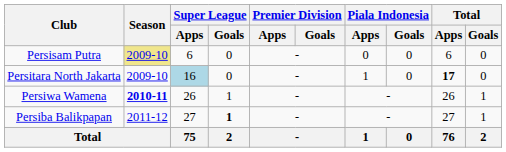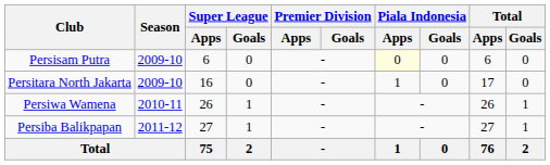 <table class="wikitable" style="font-size:90%; text-align:center;">
 <tr>
 <th rowspan="2">Club</th>
 <th rowspan="2">Season</th>
 <th colspan="2"><a href='#'>Super League</a></th>
 <th colspan="2"><a href='#'>Premier Division</a></th>
 <th colspan="2"><a href='#'>Piala Indonesia</a></th>
 <th colspan="2">Total</th>
 </tr>
 <tr>
 <th>Apps</th>
 <th>Goals</th>
 <th>Apps</th>
 <th>Goals</th>
 <th>Apps</th>
 <th>Goals</th>
 <th>Apps</th>
 <th>Goals</th>
 </tr>
 <tr>
 <td rowspan="1"><a href='#'>Persisam Putra</a></td>
-<td style="background: khaki;"><a href='#'>2009-10</a></td>
+<td><a href='#'>2009-10</a></td>
 <td>6</td>
 <td>0</td>
 <td colspan="2">-</td>
-<td>0</td>
+<td style="background: lightyellow;">0</td>
 <td>0</td>
 <td>6</td>
 <td>0</td>
 </tr>
 <tr>
 <td rowspan="1"><a href='#'>Persitara North Jakarta</a></td>
 <td><a href='#'>2009-10</a></td>
-<td style="background: lightblue;">16</td>
+<td>16</td>
 <td>0</td>
 <td colspan="2">-</td>
 <td>1</td>
 <td>0</td>
-<td><strong>17</strong></td>
+<td>17</td>
 <td>0</td>
 </tr>
 <tr>
 <td rowspan="1"><a href='#'>Persiwa Wamena</a></td>
-<td><strong><a href='#'>2010-11</a></strong></td>
+<td><a href='#'>2010-11</a></td>
 <td>26</td>
 <td>1</td>
 <td colspan="2">-</td>
 <td colspan="2">-</td>
 <td>26</td>
 <td>1</td>
 </tr>
 <tr>
 <td rowspan="1"><a href='#'>Persiba Balikpapan</a></td>
 <td><a href='#'>2011-12</a></td>
 <td>27</td>
-<td><strong>1</strong></td>
+<td>1</td>
 <td colspan="2">-</td>
 <td colspan="2">-</td>
 <td>27</td>
 <td>1</td>
 </tr>
 <tr>
 <th colspan="2">Total</th>
 <th>75</th>
 <th>2</th>
 <th colspan="2">-</th>
 <th>1</th>
 <th>0</th>
 <th>76</th>
 <th>2</th>
 </tr>
 </table>
